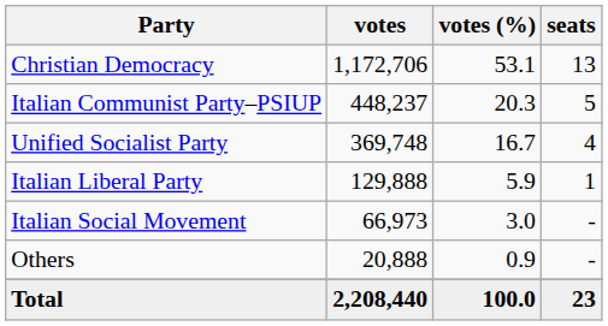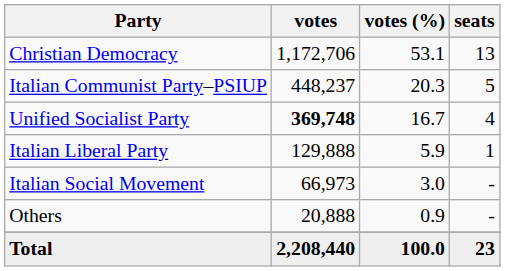 <table class="wikitable" style="font-size:95%">
 <tr bgcolor="EFEFEF">
 <th>Party</th>
 <th>votes</th>
 <th>votes (%)</th>
 <th>seats</th>
 </tr>
 <tr>
 <td><a href='#'>Christian Democracy</a></td>
 <td align=right>1,172,706</td>
 <td align=right>53.1</td>
 <td align=right>13</td>
 </tr>
 <tr>
 <td><a href='#'>Italian Communist Party</a>–<a href='#'>PSIUP</a></td>
 <td align=right>448,237</td>
 <td align=right>20.3</td>
 <td align=right>5</td>
 </tr>
 <tr>
 <td><a href='#'>Unified Socialist Party</a></td>
-<td align=right>369,748</td>
+<td align=right><strong>369,748</strong></td>
 <td align=right>16.7</td>
 <td align=right>4</td>
 </tr>
 <tr>
 <td><a href='#'>Italian Liberal Party</a></td>
 <td align=right>129,888</td>
 <td align=right>5.9</td>
 <td align=right>1</td>
 </tr>
 <tr>
 <td><a href='#'>Italian Social Movement</a></td>
 <td align=right>66,973</td>
 <td align=right>3.0</td>
 <td align=right>-</td>
 </tr>
 <tr>
 <td>Others</td>
 <td align=right>20,888</td>
 <td align=right>0.9</td>
 <td align=right>-</td>
 </tr>
 <tr>
 </tr>
 <tr bgcolor="EFEFEF">
 <td><strong>Total</strong></td>
 <td align=right><strong>2,208,440</strong></td>
 <td align=right><strong>100.0</strong></td>
 <td align=right><strong>23</strong></td>
 </tr>
 </table>
